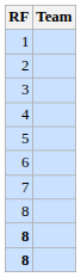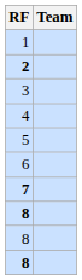 <table class="wikitable">
 <tr>
 <th>RF</th>
 <th>Team</th>
 </tr>
 <tr bgcolor="#CAE1FF" align="right">
 <td>1</td>
 <td align="left"></td>
 </tr>
 <tr bgcolor="#CAE1FF" align="right">
-<td>2</td>
+<td><strong>2</strong></td>
 <td align="left"></td>
 </tr>
 <tr bgcolor="#CAE1FF" align="right">
 <td>3</td>
 <td align="left"></td>
 </tr>
 <tr bgcolor="#CAE1FF" align="right">
 <td>4</td>
 <td align="left"></td>
 </tr>
 <tr bgcolor="#CAE1FF" align="right">
 <td>5</td>
 <td align="left"></td>
 </tr>
 <tr bgcolor="#CAE1FF" align="right">
 <td>6</td>
 <td align="left"></td>
 </tr>
 <tr bgcolor="#CAE1FF" align="right">
-<td>7</td>
+<td><strong>7</strong></td>
+<td align="left"></td>
+</tr>
+<tr bgcolor="#CAE1FF" align="right">
+<td><strong>8</strong></td>
 <td align="left"></td>
 </tr>
 <tr bgcolor="#CAE1FF" align="right">
 <td>8</td>
 <td align="left"></td>
 </tr>
 <tr bgcolor="#CAE1FF" align="right">
 <td><strong>8</strong></td>
 <td align="left"></td>
 </tr>
-<tr bgcolor="#CAE1FF" align="right">
-<td><strong>8</strong></td>
-<td align="left"></td>
-</tr>
 </table>
